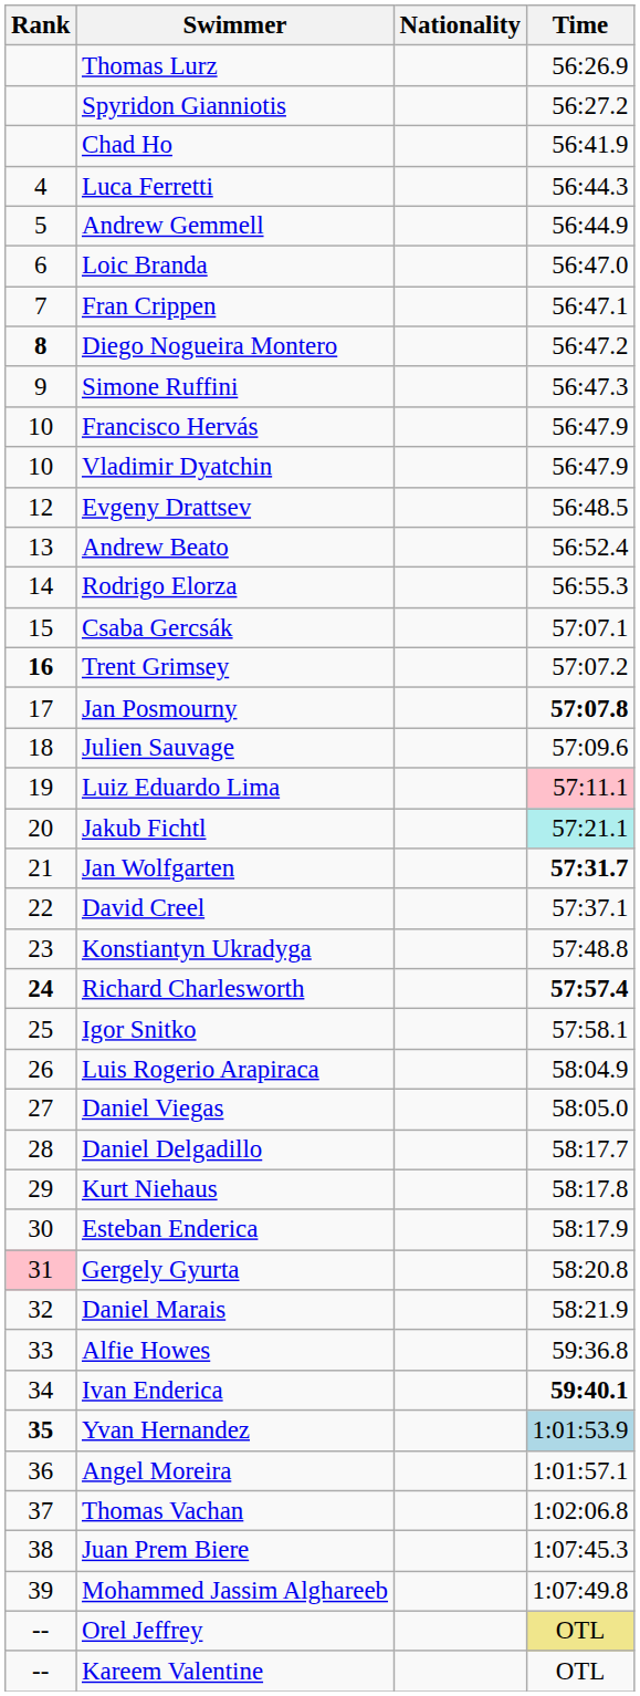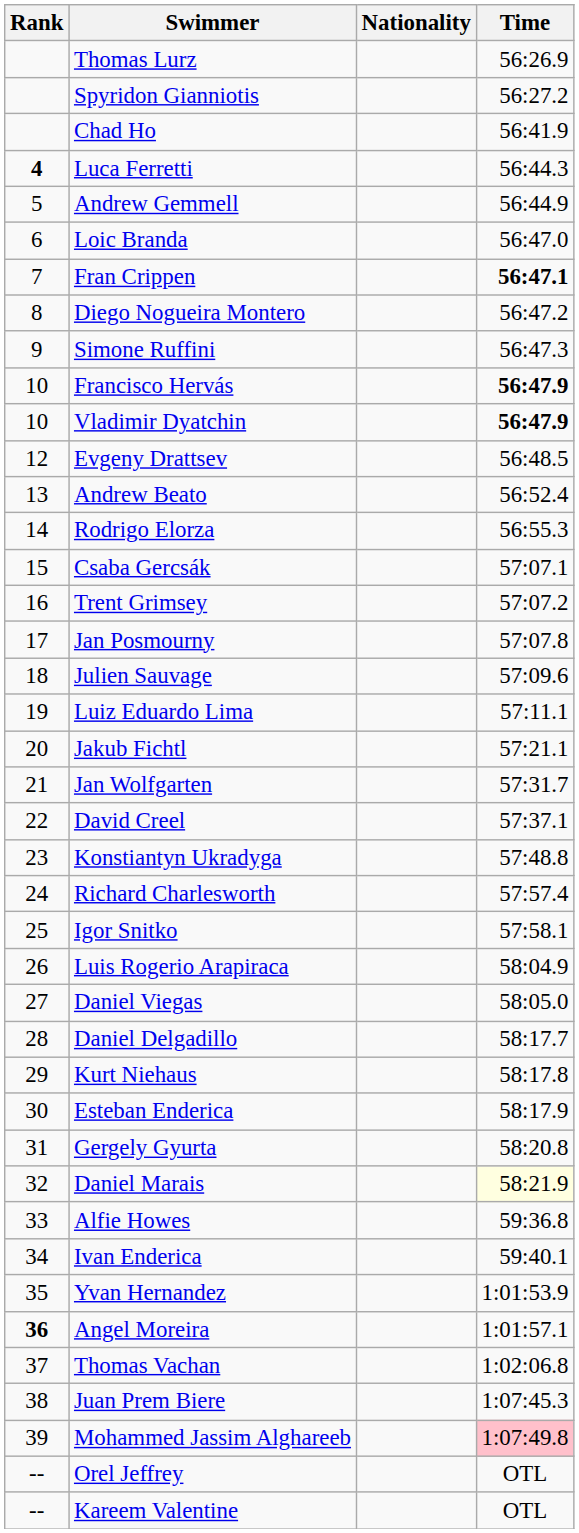 <table class="wikitable" border="1" style="text-align:center">
 <tr>
 <th>Rank</th>
 <th>Swimmer</th>
 <th>Nationality</th>
 <th>Time</th>
 </tr>
 <tr>
 <td></td>
 <td align=left><a href='#'>Thomas Lurz</a></td>
 <td align=left></td>
 <td align=right>56:26.9</td>
 </tr>
 <tr>
 <td></td>
 <td align=left><a href='#'>Spyridon Gianniotis</a></td>
 <td align=left></td>
 <td align=right>56:27.2</td>
 </tr>
 <tr>
 <td></td>
 <td align=left><a href='#'>Chad Ho</a></td>
 <td align=left></td>
 <td align=right>56:41.9</td>
 </tr>
 <tr>
-<td>4</td>
+<td><strong>4</strong></td>
 <td align=left><a href='#'>Luca Ferretti</a></td>
 <td align=left></td>
 <td align=right>56:44.3</td>
 </tr>
 <tr>
 <td>5</td>
 <td align=left><a href='#'>Andrew Gemmell</a></td>
 <td align=left></td>
 <td align=right>56:44.9</td>
 </tr>
 <tr>
 <td>6</td>
 <td align=left><a href='#'>Loic Branda</a></td>
 <td align=left></td>
 <td align=right>56:47.0</td>
 </tr>
 <tr>
 <td>7</td>
 <td align=left><a href='#'>Fran Crippen</a></td>
 <td align=left></td>
-<td align=right>56:47.1</td>
+<td align=right><strong>56:47.1</strong></td>
 </tr>
 <tr>
-<td><strong>8</strong></td>
+<td>8</td>
 <td align=left><a href='#'>Diego Nogueira Montero</a></td>
 <td align=left></td>
 <td align=right>56:47.2</td>
 </tr>
 <tr>
 <td>9</td>
 <td align=left><a href='#'>Simone Ruffini</a></td>
 <td align=left></td>
 <td align=right>56:47.3</td>
 </tr>
 <tr>
 <td>10</td>
 <td align=left><a href='#'>Francisco Hervás</a></td>
 <td align=left></td>
-<td align=right>56:47.9</td>
+<td align=right><strong>56:47.9</strong></td>
 </tr>
 <tr>
 <td>10</td>
 <td align=left><a href='#'>Vladimir Dyatchin</a></td>
 <td align=left></td>
-<td align=right>56:47.9</td>
+<td align=right><strong>56:47.9</strong></td>
 </tr>
 <tr>
 <td>12</td>
 <td align=left><a href='#'>Evgeny Drattsev</a></td>
 <td align=left></td>
 <td align=right>56:48.5</td>
 </tr>
 <tr>
 <td>13</td>
 <td align=left><a href='#'>Andrew Beato</a></td>
 <td align=left></td>
 <td align=right>56:52.4</td>
 </tr>
 <tr>
 <td>14</td>
 <td align=left><a href='#'>Rodrigo Elorza</a></td>
 <td align=left></td>
 <td align=right>56:55.3</td>
 </tr>
 <tr>
 <td>15</td>
 <td align=left><a href='#'>Csaba Gercsák</a></td>
 <td align=left></td>
 <td align=right>57:07.1</td>
 </tr>
 <tr>
-<td><strong>16</strong></td>
+<td>16</td>
 <td align=left><a href='#'>Trent Grimsey</a></td>
 <td align=left></td>
 <td align=right>57:07.2</td>
 </tr>
 <tr>
 <td>17</td>
 <td align=left><a href='#'>Jan Posmourny</a></td>
 <td align=left></td>
-<td align=right><strong>57:07.8</strong></td>
+<td align=right>57:07.8</td>
 </tr>
 <tr>
 <td>18</td>
 <td align=left><a href='#'>Julien Sauvage</a></td>
 <td align=left></td>
 <td align=right>57:09.6</td>
 </tr>
 <tr>
 <td>19</td>
 <td align=left><a href='#'>Luiz Eduardo Lima</a></td>
 <td align=left></td>
-<td align=right style="background: pink;">57:11.1</td>
+<td align=right>57:11.1</td>
 </tr>
 <tr>
 <td>20</td>
 <td align=left><a href='#'>Jakub Fichtl</a></td>
 <td align=left></td>
-<td align=right style="background: paleturquoise;">57:21.1</td>
+<td align=right>57:21.1</td>
 </tr>
 <tr>
 <td>21</td>
 <td align=left><a href='#'>Jan Wolfgarten</a></td>
 <td align=left></td>
-<td align=right><strong>57:31.7</strong></td>
+<td align=right>57:31.7</td>
 </tr>
 <tr>
 <td>22</td>
 <td align=left><a href='#'>David Creel</a></td>
 <td align=left></td>
 <td align=right>57:37.1</td>
 </tr>
 <tr>
 <td>23</td>
 <td align=left><a href='#'>Konstiantyn Ukradyga</a></td>
 <td align=left></td>
 <td align=right>57:48.8</td>
 </tr>
 <tr>
-<td><strong>24</strong></td>
+<td>24</td>
 <td align=left><a href='#'>Richard Charlesworth</a></td>
 <td align=left></td>
-<td align=right><strong>57:57.4</strong></td>
+<td align=right>57:57.4</td>
 </tr>
 <tr>
 <td>25</td>
 <td align=left><a href='#'>Igor Snitko</a></td>
 <td align=left></td>
 <td align=right>57:58.1</td>
 </tr>
 <tr>
 <td>26</td>
 <td align=left><a href='#'>Luis Rogerio Arapiraca</a></td>
 <td align=left></td>
 <td align=right>58:04.9</td>
 </tr>
 <tr>
 <td>27</td>
 <td align=left><a href='#'>Daniel Viegas</a></td>
 <td align=left></td>
 <td align=right>58:05.0</td>
 </tr>
 <tr>
 <td>28</td>
 <td align=left><a href='#'>Daniel Delgadillo</a></td>
 <td align=left></td>
 <td align=right>58:17.7</td>
 </tr>
 <tr>
 <td>29</td>
 <td align=left><a href='#'>Kurt Niehaus</a></td>
 <td align=left></td>
 <td align=right>58:17.8</td>
 </tr>
 <tr>
 <td>30</td>
 <td align=left><a href='#'>Esteban Enderica</a></td>
 <td align=left></td>
 <td align=right>58:17.9</td>
 </tr>
 <tr>
-<td style="background: pink;">31</td>
+<td>31</td>
 <td align=left><a href='#'>Gergely Gyurta</a></td>
 <td align=left></td>
 <td align=right>58:20.8</td>
 </tr>
 <tr>
 <td>32</td>
 <td align=left><a href='#'>Daniel Marais</a></td>
 <td align=left></td>
-<td align=right>58:21.9</td>
+<td align=right style="background: lightyellow;">58:21.9</td>
 </tr>
 <tr>
 <td>33</td>
 <td align=left><a href='#'>Alfie Howes</a></td>
 <td align=left></td>
 <td align=right>59:36.8</td>
 </tr>
 <tr>
 <td>34</td>
 <td align=left><a href='#'>Ivan Enderica</a></td>
 <td align=left></td>
-<td align=right><strong>59:40.1</strong></td>
+<td align=right>59:40.1</td>
 </tr>
 <tr>
-<td><strong>35</strong></td>
+<td>35</td>
 <td align=left><a href='#'>Yvan Hernandez</a></td>
 <td align=left></td>
-<td align=right style="background: lightblue;">1:01:53.9</td>
+<td align=right>1:01:53.9</td>
 </tr>
 <tr>
-<td>36</td>
+<td><strong>36</strong></td>
 <td align=left><a href='#'>Angel Moreira</a></td>
 <td align=left></td>
 <td align=right>1:01:57.1</td>
 </tr>
 <tr>
 <td>37</td>
 <td align=left><a href='#'>Thomas Vachan</a></td>
 <td align=left></td>
 <td align=right>1:02:06.8</td>
 </tr>
 <tr>
 <td>38</td>
 <td align=left><a href='#'>Juan Prem Biere</a></td>
 <td align=left></td>
 <td align=right>1:07:45.3</td>
 </tr>
 <tr>
 <td>39</td>
 <td align=left><a href='#'>Mohammed Jassim Alghareeb</a></td>
 <td align=left></td>
-<td align=right>1:07:49.8</td>
+<td align=right style="background: pink;">1:07:49.8</td>
 </tr>
 <tr>
 <td>--</td>
 <td align=left><a href='#'>Orel Jeffrey</a></td>
 <td align=left></td>
-<td style="background: khaki;">OTL</td>
+<td>OTL</td>
 </tr>
 <tr>
 <td>--</td>
 <td align=left><a href='#'>Kareem Valentine</a></td>
 <td align=left></td>
 <td>OTL</td>
 </tr>
 </table>
